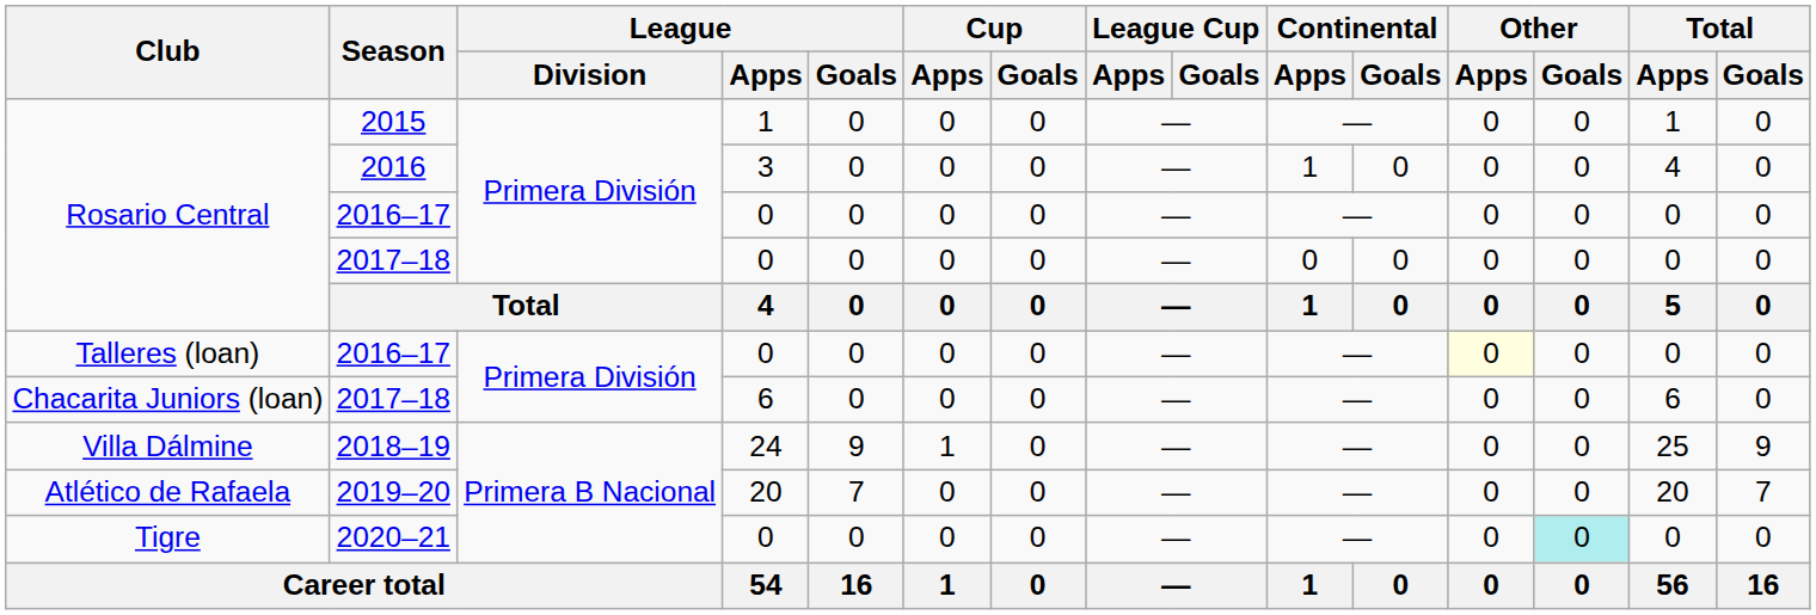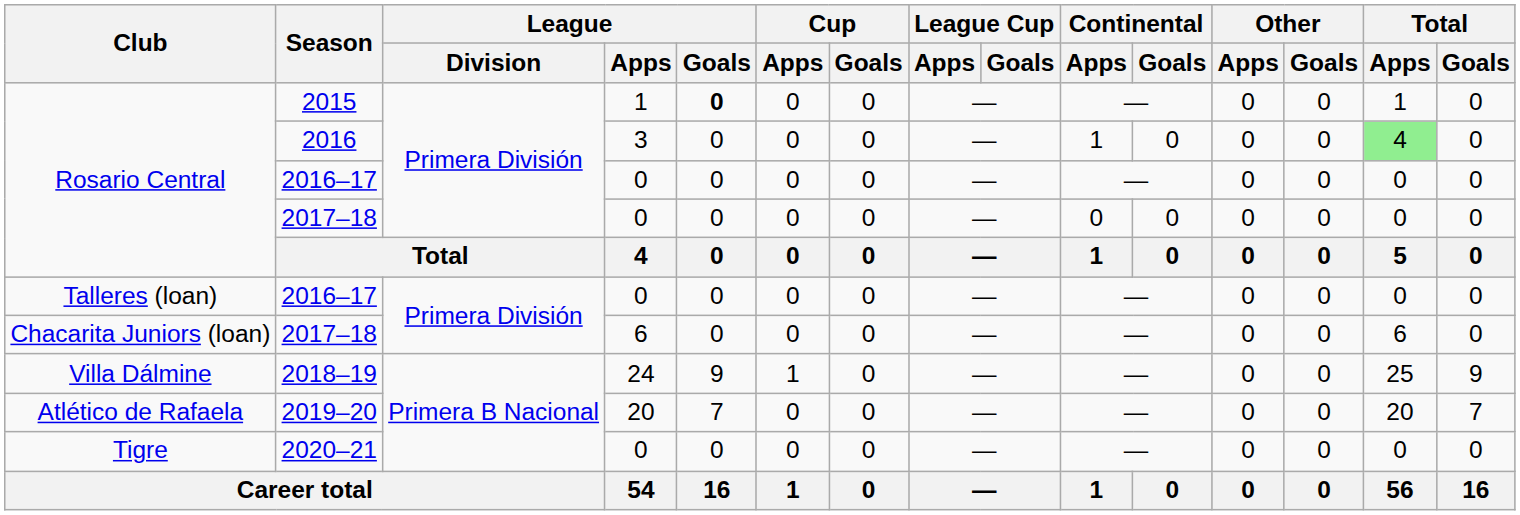 <table class="wikitable" style="text-align:center">
 <tr>
 <th rowspan="2">Club</th>
 <th rowspan="2">Season</th>
 <th colspan="3">League</th>
 <th colspan="2">Cup</th>
 <th colspan="2">League Cup</th>
 <th colspan="2">Continental</th>
 <th colspan="2">Other</th>
 <th colspan="2">Total</th>
 </tr>
 <tr>
 <th>Division</th>
 <th>Apps</th>
 <th>Goals</th>
 <th>Apps</th>
 <th>Goals</th>
 <th>Apps</th>
 <th>Goals</th>
 <th>Apps</th>
 <th>Goals</th>
 <th>Apps</th>
 <th>Goals</th>
 <th>Apps</th>
 <th>Goals</th>
 </tr>
 <tr>
 <td rowspan="5"><a href='#'>Rosario Central</a></td>
 <td><a href='#'>2015</a></td>
 <td rowspan="4"><a href='#'>Primera División</a></td>
 <td>1</td>
-<td>0</td>
+<td><strong>0</strong></td>
 <td>0</td>
 <td>0</td>
 <td colspan="2">—</td>
 <td colspan="2">—</td>
 <td>0</td>
 <td>0</td>
 <td>1</td>
 <td>0</td>
 </tr>
 <tr>
 <td><a href='#'>2016</a></td>
 <td>3</td>
 <td>0</td>
 <td>0</td>
 <td>0</td>
 <td colspan="2">—</td>
 <td>1</td>
 <td>0</td>
 <td>0</td>
 <td>0</td>
-<td>4</td>
+<td style="background: lightgreen;">4</td>
 <td>0</td>
 </tr>
 <tr>
 <td><a href='#'>2016–17</a></td>
 <td>0</td>
 <td>0</td>
 <td>0</td>
 <td>0</td>
 <td colspan="2">—</td>
 <td colspan="2">—</td>
 <td>0</td>
 <td>0</td>
 <td>0</td>
 <td>0</td>
 </tr>
 <tr>
 <td><a href='#'>2017–18</a></td>
 <td>0</td>
 <td>0</td>
 <td>0</td>
 <td>0</td>
 <td colspan="2">—</td>
 <td>0</td>
 <td>0</td>
 <td>0</td>
 <td>0</td>
 <td>0</td>
 <td>0</td>
 </tr>
 <tr>
 <th colspan="2">Total</th>
 <th>4</th>
 <th>0</th>
 <th>0</th>
 <th>0</th>
 <th colspan="2">—</th>
 <th>1</th>
 <th>0</th>
 <th>0</th>
 <th>0</th>
 <th>5</th>
 <th>0</th>
 </tr>
 <tr>
 <td rowspan="1"><a href='#'>Talleres</a> (loan)</td>
 <td><a href='#'>2016–17</a></td>
 <td rowspan="2"><a href='#'>Primera División</a></td>
 <td>0</td>
 <td>0</td>
 <td>0</td>
 <td>0</td>
 <td colspan="2">—</td>
 <td colspan="2">—</td>
-<td style="background: lightyellow;">0</td>
+<td>0</td>
 <td>0</td>
 <td>0</td>
 <td>0</td>
 </tr>
 <tr>
 <td rowspan="1"><a href='#'>Chacarita Juniors</a> (loan)</td>
 <td><a href='#'>2017–18</a></td>
 <td>6</td>
 <td>0</td>
 <td>0</td>
 <td>0</td>
 <td colspan="2">—</td>
 <td colspan="2">—</td>
 <td>0</td>
 <td>0</td>
 <td>6</td>
 <td>0</td>
 </tr>
 <tr>
 <td rowspan="1"><a href='#'>Villa Dálmine</a></td>
 <td><a href='#'>2018–19</a></td>
 <td rowspan="3"><a href='#'>Primera B Nacional</a></td>
 <td>24</td>
 <td>9</td>
 <td>1</td>
 <td>0</td>
 <td colspan="2">—</td>
 <td colspan="2">—</td>
 <td>0</td>
 <td>0</td>
 <td>25</td>
 <td>9</td>
 </tr>
 <tr>
 <td rowspan="1"><a href='#'>Atlético de Rafaela</a></td>
 <td><a href='#'>2019–20</a></td>
 <td>20</td>
 <td>7</td>
 <td>0</td>
 <td>0</td>
 <td colspan="2">—</td>
 <td colspan="2">—</td>
 <td>0</td>
 <td>0</td>
 <td>20</td>
 <td>7</td>
 </tr>
 <tr>
 <td rowspan="1"><a href='#'>Tigre</a></td>
 <td><a href='#'>2020–21</a></td>
 <td>0</td>
 <td>0</td>
 <td>0</td>
 <td>0</td>
 <td colspan="2">—</td>
 <td colspan="2">—</td>
 <td>0</td>
-<td style="background: paleturquoise;">0</td>
+<td>0</td>
 <td>0</td>
 <td>0</td>
 </tr>
 <tr>
 <th colspan="3">Career total</th>
 <th>54</th>
 <th>16</th>
 <th>1</th>
 <th>0</th>
 <th colspan="2">—</th>
 <th>1</th>
 <th>0</th>
 <th>0</th>
 <th>0</th>
 <th>56</th>
 <th>16</th>
 </tr>
 </table>
